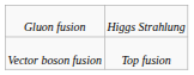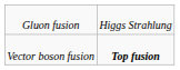 <table class="wikitable floatright" style="text-align:center;">
 <tr>
 <td><br><em>Gluon fusion</em></td>
 <td><br><em>Higgs Strahlung</em></td>
 </tr>
 <tr>
 <td><br><em>Vector boson fusion</em></td>
-<td><br><em>Top fusion</em></td>
+<td><strong><br><em>Top fusion</em></strong></td>
 </tr>
 </table>
